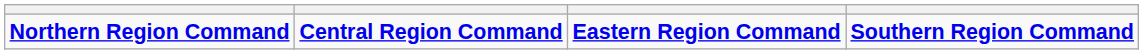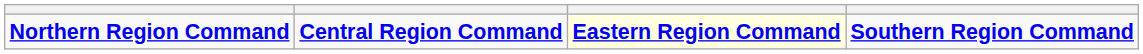 <table class="wikitable">
 <tr>
 <th></th>
 <th></th>
 <th></th>
 <th></th>
 </tr>
 <tr>
 <td><strong><a href='#'>Northern Region Command</a></strong></td>
 <td><strong><a href='#'>Central Region Command</a></strong></td>
-<td><strong><a href='#'>Eastern Region Command</a></strong></td>
+<td style="background: lightyellow;"><strong><a href='#'>Eastern Region Command</a></strong></td>
 <td><strong><a href='#'>Southern Region Command</a></strong></td>
 </tr>
 </table>
